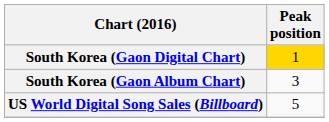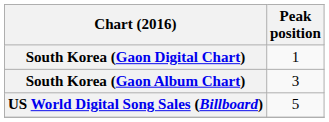 <table class="wikitable sortable plainrowheaders" style="text-align:center;">
 <tr>
 <th>Chart (2016)</th>
 <th>Peak<br>position</th>
 </tr>
 <tr>
 <th scope="row">South Korea (<a href='#'>Gaon Digital Chart</a>)</th>
-<td style="background: gold;">1</td>
+<td>1</td>
 </tr>
 <tr>
 <th scope="row">South Korea (<a href='#'>Gaon Album Chart</a>)</th>
 <td>3</td>
 </tr>
 <tr>
 <th scope="row">US <a href='#'>World Digital Song Sales</a> (<a href='#'><em>Billboard</em></a>)</th>
 <td>5</td>
 </tr>
 <tr>
 </tr>
 </table>
